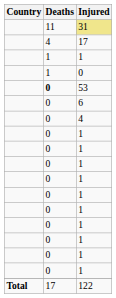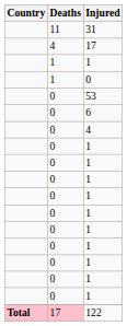 <table class="wikitable centre sortable">
 <tr>
 <th>Country</th>
 <th>Deaths</th>
 <th>Injured</th>
 </tr>
 <tr>
 <td style="text-align:left;"></td>
 <td>11</td>
-<td style="background: khaki;">31</td>
+<td>31</td>
 </tr>
 <tr>
 <td style="text-align:left;"></td>
 <td>4</td>
 <td>17</td>
 </tr>
 <tr>
 <td style="text-align:left;"></td>
 <td>1</td>
 <td>1</td>
 </tr>
 <tr>
 <td style="text-align:left;"></td>
 <td>1</td>
 <td>0</td>
 </tr>
 <tr>
 <td style="text-align:left;"></td>
-<td><strong>0</strong></td>
+<td>0</td>
 <td>53</td>
 </tr>
 <tr>
 <td style="text-align:left;"></td>
 <td>0</td>
 <td>6</td>
 </tr>
 <tr>
 <td style="text-align:left;"></td>
 <td>0</td>
 <td>4</td>
 </tr>
 <tr>
 <td style="text-align:left;"></td>
 <td>0</td>
 <td>1</td>
 </tr>
 <tr>
 <td style="text-align:left;"></td>
 <td>0</td>
 <td>1</td>
 </tr>
 <tr>
 <td style="text-align:left;"></td>
 <td>0</td>
 <td>1</td>
 </tr>
 <tr>
 <td style="text-align:left;"></td>
 <td>0</td>
 <td>1</td>
 </tr>
 <tr>
 <td style="text-align:left;"></td>
 <td>0</td>
 <td>1</td>
 </tr>
 <tr>
 <td style="text-align:left;"></td>
 <td>0</td>
 <td>1</td>
 </tr>
 <tr>
 <td style="text-align:left;"></td>
 <td>0</td>
 <td>1</td>
 </tr>
 <tr>
 <td style="text-align:left;"></td>
 <td>0</td>
 <td>1</td>
 </tr>
 <tr>
 <td style="text-align:left;"></td>
 <td>0</td>
 <td>1</td>
 </tr>
 <tr>
 <td style="text-align:left;"></td>
 <td>0</td>
 <td>1</td>
 </tr>
 <tr>
 </tr>
 <tr class="sortbottom">
-<td><strong>Total</strong></td>
-<td>17</td>
+<td style="background: pink;"><strong>Total</strong></td>
+<td style="background: pink;">17</td>
 <td>122</td>
 </tr>
 </table>
